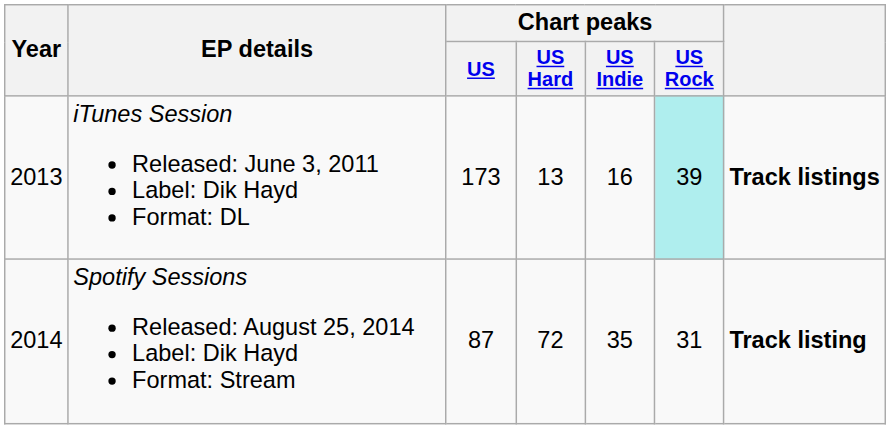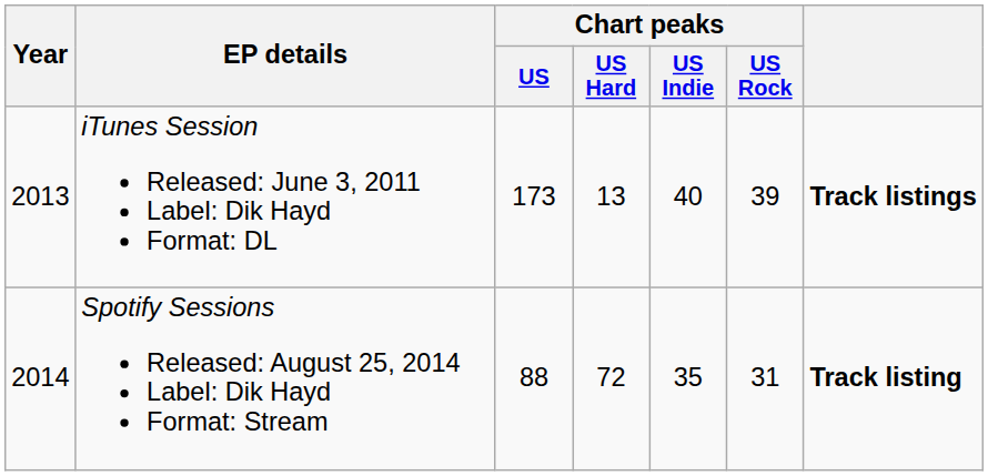 <table class="wikitable">
 <tr>
 <th rowspan="2">Year</th>
 <th rowspan="2" width="250">EP details</th>
 <th colspan="4">Chart peaks</th>
 <th rowspan="2"></th>
 </tr>
 <tr>
 <th style="width:3em;font-size:85%"><a href='#'>US</a><br></th>
 <th style="width:3em;font-size:85%"><a href='#'>US<br>Hard</a><br></th>
 <th style="width:3em;font-size:85%"><a href='#'>US<br>Indie</a><br></th>
 <th style="width:3em;font-size:85%"><a href='#'>US<br>Rock</a><br></th>
 </tr>
 <tr>
 <td>2013</td>
 <td><em>iTunes Session</em><br><ul><li>Released: June 3, 2011</li><li>Label: Dik Hayd</li><li>Format: DL</li></ul></td>
 <td align="center" >173</td>
 <td align="center" >13</td>
-<td align="center" >16</td>
-<td align="center"  style="background: paleturquoise;">39</td>
+<td align="center" >40</td>
+<td align="center" >39</td>
 <td><strong>Track listings</strong></td>
 </tr>
 <tr>
 <td>2014</td>
 <td><em>Spotify Sessions</em><br><ul><li>Released: August 25, 2014</li><li>Label: Dik Hayd</li><li>Format: Stream</li></ul></td>
-<td align="center" >87</td>
+<td align="center" >88</td>
 <td align="center" >72</td>
 <td align="center" >35</td>
 <td align="center" >31</td>
 <td><strong>Track listing</strong></td>
 </tr>
 </table>
